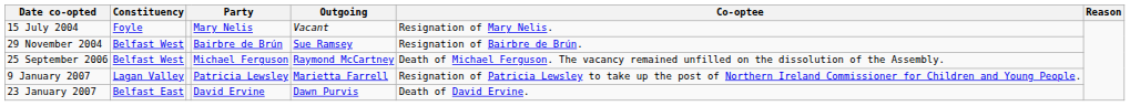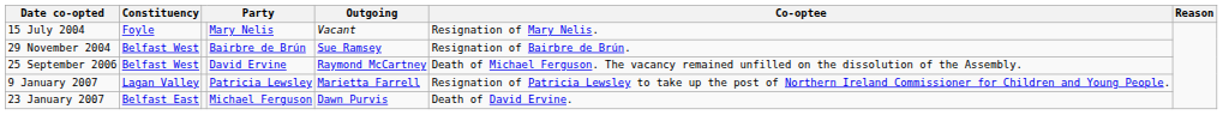 <table class="wikitable" style="font-size: 95%;">
 <tr>
 <th>Date co-opted</th>
 <th>Constituency</th>
 <th colspan="2">Party</th>
 <th>Outgoing</th>
 <th>Co-optee</th>
 <th>Reason</th>
 </tr>
 <tr>
 <td>15 July 2004</td>
 <td><a href='#'>Foyle</a></td>
 <td></td>
 <td><a href='#'>Mary Nelis</a></td>
 <td><em>Vacant</em></td>
 <td>Resignation of <a href='#'>Mary Nelis</a>.</td>
 </tr>
 <tr>
 <td>29 November 2004</td>
 <td><a href='#'>Belfast West</a></td>
 <td></td>
 <td><a href='#'>Bairbre de Brún</a></td>
 <td><a href='#'>Sue Ramsey</a></td>
 <td>Resignation of <a href='#'>Bairbre de Brún</a>.</td>
 </tr>
 <tr>
 <td>25 September 2006</td>
 <td><a href='#'>Belfast West</a></td>
 <td></td>
-<td><a href='#'>Michael Ferguson</a></td>
+<td><a href='#'>David Ervine</a></td>
 <td><a href='#'>Raymond McCartney</a></td>
 <td>Death of <a href='#'>Michael Ferguson</a>. The vacancy remained unfilled on the dissolution of the Assembly.</td>
 </tr>
 <tr>
 <td>9 January 2007</td>
 <td><a href='#'>Lagan Valley</a></td>
 <td></td>
 <td><a href='#'>Patricia Lewsley</a></td>
 <td><a href='#'>Marietta Farrell</a></td>
 <td>Resignation of <a href='#'>Patricia Lewsley</a> to take up the post of <a href='#'>Northern Ireland Commissioner for Children and Young People</a>.</td>
 </tr>
 <tr>
 <td>23 January 2007</td>
 <td><a href='#'>Belfast East</a></td>
 <td></td>
-<td><a href='#'>David Ervine</a></td>
+<td><a href='#'>Michael Ferguson</a></td>
 <td><a href='#'>Dawn Purvis</a></td>
 <td>Death of <a href='#'>David Ervine</a>.</td>
 </tr>
 </table>
